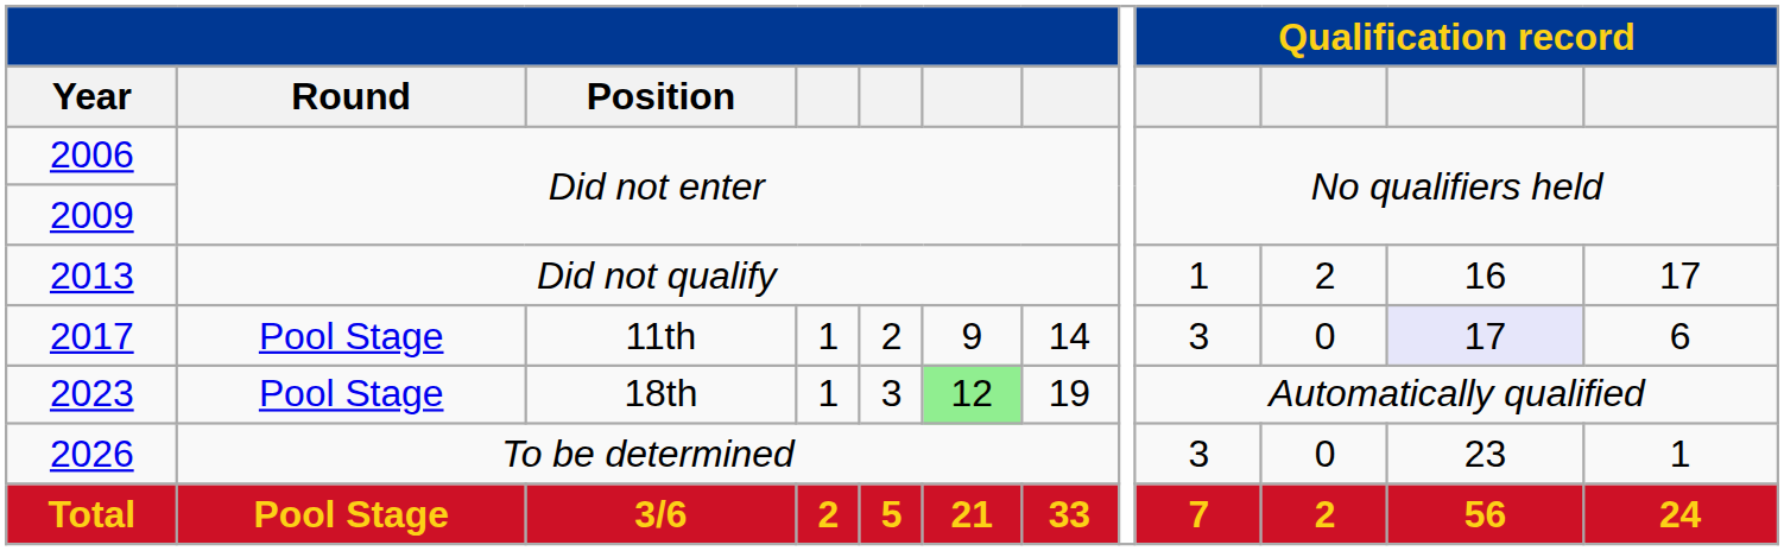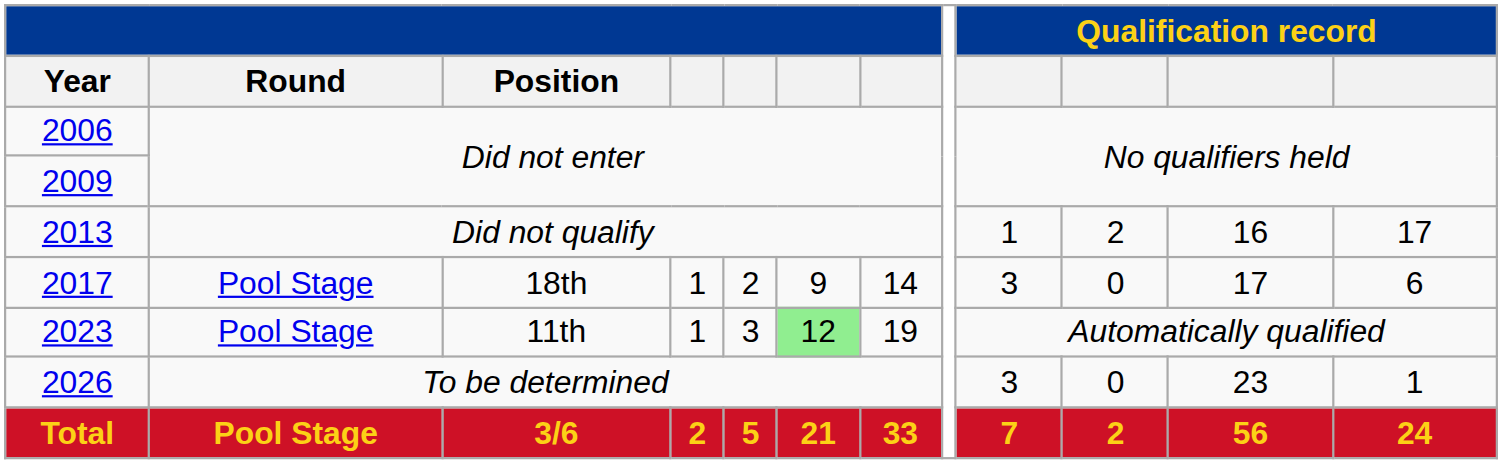 <table class="wikitable" style="font-size:90%; text-align: center;">
 <tr>
 <th style="background:#003893;" colspan="7"><a href='#'></a></th>
 <th style="background:white; width:1%;" rowspan="9"></th>
 <th style="background:#003893; color:#FCD116;" colspan="5">Qualification record</th>
 </tr>
 <tr>
 <th>Year</th>
 <th>Round</th>
 <th>Position</th>
 <th></th>
 <th></th>
 <th></th>
 <th></th>
 <th></th>
 <th></th>
 <th></th>
 <th></th>
 </tr>
 <tr>
 <td><a href='#'>2006</a></td>
 <td colspan=7 rowspan=2 align=center><em>Did not enter</em></td>
 <td colspan=4 rowspan=2 align=center><em>No qualifiers held</em></td>
 </tr>
 <tr>
 <td><a href='#'>2009</a></td>
 </tr>
 <tr>
 <td><a href='#'>2013</a></td>
 <td colspan=7 align=center><em>Did not qualify</em></td>
 <td>1</td>
 <td>2</td>
 <td>16</td>
 <td>17</td>
 </tr>
 <tr>
 <td> <a href='#'>2017</a></td>
 <td><a href='#'>Pool Stage</a></td>
-<td>11th</td>
+<td>18th</td>
 <td>1</td>
 <td>2</td>
 <td>9</td>
 <td>14</td>
 <td>3</td>
 <td>0</td>
-<td style="background: lavender;">17</td>
+<td>17</td>
 <td>6</td>
 </tr>
 <tr>
 <td> <a href='#'>2023</a></td>
 <td><a href='#'>Pool Stage</a></td>
-<td>18th</td>
+<td>11th</td>
 <td>1</td>
 <td>3</td>
 <td style="background: lightgreen;">12</td>
 <td>19</td>
 <td colspan=5 align=center><em>Automatically qualified</em></td>
 </tr>
 <tr>
 <td> <a href='#'>2026</a></td>
 <td colspan=6 align=center><em>To be determined</em></td>
 <td>3</td>
 <td>0</td>
 <td>23</td>
 <td>1</td>
 </tr>
 <tr>
 <th style="color:#FCD116; background:#CE1126;"><strong>Total</strong></th>
 <th style="color:#FCD116; background:#CE1126;"><strong>Pool Stage</strong></th>
 <th style="color:#FCD116; background:#CE1126;"><strong>3/6</strong></th>
 <th style="color:#FCD116; background:#CE1126;"><strong>2</strong></th>
 <th style="color:#FCD116; background:#CE1126;"><strong>5</strong></th>
 <th style="color:#FCD116; background:#CE1126;"><strong>21</strong></th>
 <th style="color:#FCD116; background:#CE1126;"><strong>33</strong></th>
 <th style="color:#FCD116; background:#CE1126;"><strong>7</strong></th>
 <th style="color:#FCD116; background:#CE1126;"><strong>2</strong></th>
 <th style="color:#FCD116; background:#CE1126;"><strong>56</strong></th>
 <th style="color:#FCD116; background:#CE1126;"><strong>24</strong></th>
 </tr>
 </table>
